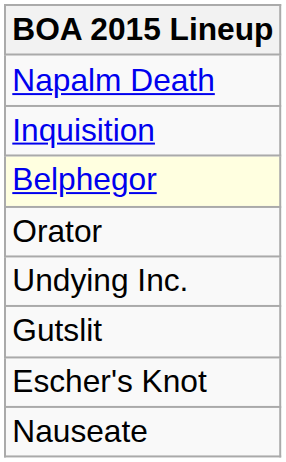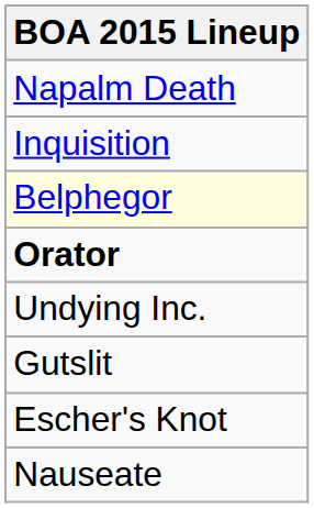 <table class="wikitable">
 <tr>
 <th>BOA 2015 Lineup</th>
 </tr>
 <tr>
 <td><a href='#'>Napalm Death</a></td>
 </tr>
 <tr>
 <td><a href='#'>Inquisition</a></td>
 </tr>
 <tr>
 <td style="background: lightyellow;"><a href='#'>Belphegor</a></td>
 </tr>
 <tr>
-<td>Orator</td>
+<td><strong>Orator</strong></td>
 </tr>
 <tr>
 <td>Undying Inc.</td>
 </tr>
 <tr>
 <td>Gutslit</td>
 </tr>
 <tr>
 <td>Escher's Knot</td>
 </tr>
 <tr>
 <td>Nauseate</td>
 </tr>
 </table>
